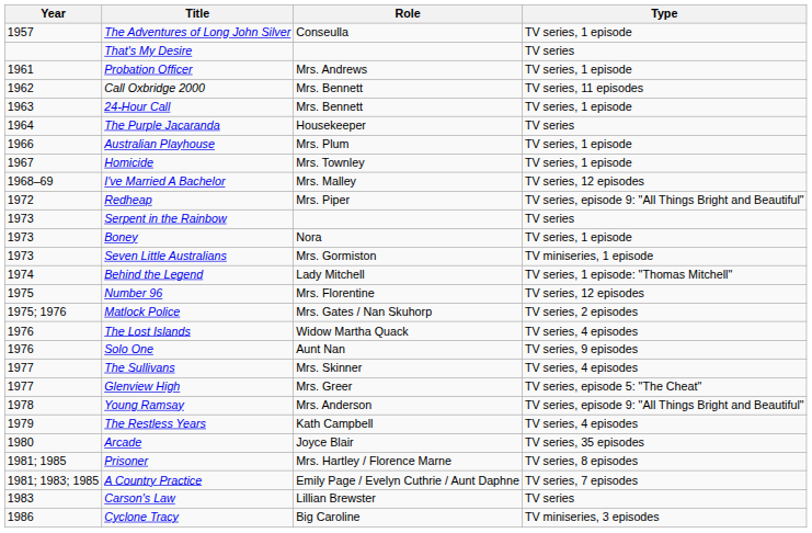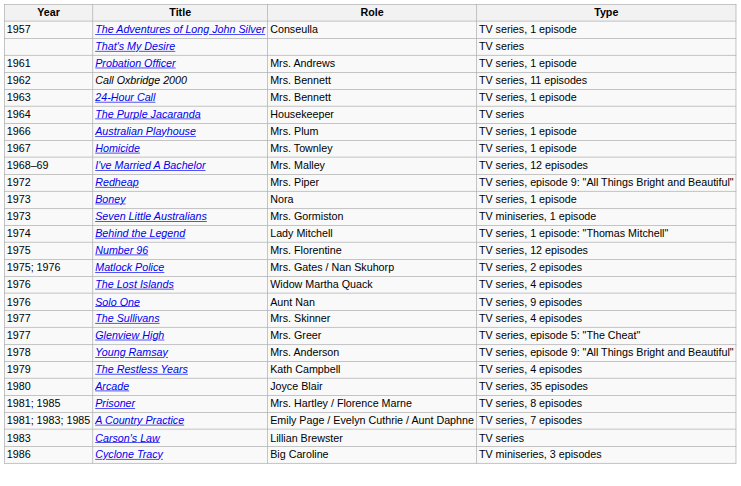 <table class="wikitable">
 <tr>
 <th>Year</th>
 <th>Title</th>
 <th>Role</th>
 <th>Type</th>
 </tr>
 <tr>
 <td>1957</td>
 <td><em><a href='#'>The Adventures of Long John Silver</a></em></td>
 <td>Conseulla</td>
 <td>TV series, 1 episode</td>
 </tr>
 <tr>
 <td></td>
 <td><em><a href='#'>That's My Desire</a></em></td>
 <td></td>
 <td>TV series</td>
 </tr>
 <tr>
 <td>1961</td>
 <td><em><a href='#'>Probation Officer</a></em></td>
 <td>Mrs. Andrews</td>
 <td>TV series, 1 episode</td>
 </tr>
 <tr>
 <td>1962</td>
 <td><em>Call Oxbridge 2000</em></td>
 <td>Mrs. Bennett</td>
 <td>TV series, 11 episodes</td>
 </tr>
 <tr>
 <td>1963</td>
 <td><em><a href='#'>24-Hour Call</a></em></td>
 <td>Mrs. Bennett</td>
 <td>TV series, 1 episode</td>
 </tr>
 <tr>
 <td>1964</td>
 <td><em><a href='#'>The Purple Jacaranda</a></em></td>
 <td>Housekeeper</td>
 <td>TV series</td>
 </tr>
 <tr>
 <td>1966</td>
 <td><em><a href='#'>Australian Playhouse</a></em></td>
 <td>Mrs. Plum</td>
 <td>TV series, 1 episode</td>
 </tr>
 <tr>
 <td>1967</td>
 <td><em><a href='#'>Homicide</a></em></td>
 <td>Mrs. Townley</td>
 <td>TV series, 1 episode</td>
 </tr>
 <tr>
 <td>1968–69</td>
 <td><em><a href='#'>I've Married A Bachelor</a></em></td>
 <td>Mrs. Malley</td>
 <td>TV series, 12 episodes</td>
 </tr>
 <tr>
 <td>1972</td>
 <td><em><a href='#'>Redheap</a></em></td>
 <td>Mrs. Piper</td>
 <td>TV series, episode 9: "All Things Bright and Beautiful"</td>
-</tr>
-<tr>
-<td>1973</td>
-<td><em><a href='#'>Serpent in the Rainbow</a></em></td>
-<td></td>
-<td>TV series</td>
 </tr>
 <tr>
 <td>1973</td>
 <td><em><a href='#'>Boney</a></em></td>
 <td>Nora</td>
 <td>TV series, 1 episode</td>
 </tr>
 <tr>
 <td>1973</td>
 <td><em><a href='#'>Seven Little Australians</a></em></td>
 <td>Mrs. Gormiston</td>
 <td>TV miniseries, 1 episode</td>
 </tr>
 <tr>
 <td>1974</td>
 <td><em><a href='#'>Behind the Legend</a></em></td>
 <td>Lady Mitchell</td>
 <td>TV series, 1 episode: "Thomas Mitchell"</td>
 </tr>
 <tr>
 <td>1975</td>
 <td><em><a href='#'>Number 96</a></em></td>
 <td>Mrs. Florentine</td>
 <td>TV series, 12 episodes</td>
 </tr>
 <tr>
 <td>1975; 1976</td>
 <td><em><a href='#'>Matlock Police</a></em></td>
 <td>Mrs. Gates / Nan Skuhorp</td>
 <td>TV series, 2 episodes</td>
 </tr>
 <tr>
 <td>1976</td>
 <td><em><a href='#'>The Lost Islands</a></em></td>
 <td>Widow Martha Quack</td>
 <td>TV series, 4 episodes</td>
 </tr>
 <tr>
 <td>1976</td>
 <td><em><a href='#'>Solo One</a></em></td>
 <td>Aunt Nan</td>
 <td>TV series, 9 episodes</td>
 </tr>
 <tr>
 <td>1977</td>
 <td><em><a href='#'>The Sullivans</a></em></td>
 <td>Mrs. Skinner</td>
 <td>TV series, 4 episodes</td>
 </tr>
 <tr>
 <td>1977</td>
 <td><em><a href='#'>Glenview High</a></em></td>
 <td>Mrs. Greer</td>
 <td>TV series, episode 5: "The Cheat"</td>
 </tr>
 <tr>
 <td>1978</td>
 <td><em><a href='#'>Young Ramsay</a></em></td>
 <td>Mrs. Anderson</td>
 <td>TV series, episode 9: "All Things Bright and Beautiful"</td>
 </tr>
 <tr>
 <td>1979</td>
 <td><em><a href='#'>The Restless Years</a></em></td>
 <td>Kath Campbell</td>
 <td>TV series, 4 episodes</td>
 </tr>
 <tr>
 <td>1980</td>
 <td><em><a href='#'>Arcade</a></em></td>
 <td>Joyce Blair</td>
 <td>TV series, 35 episodes</td>
 </tr>
 <tr>
 <td>1981; 1985</td>
 <td><em><a href='#'>Prisoner</a></em></td>
 <td>Mrs. Hartley / Florence Marne</td>
 <td>TV series, 8 episodes</td>
 </tr>
 <tr>
 <td>1981; 1983; 1985</td>
 <td><em><a href='#'>A Country Practice</a></em></td>
 <td>Emily Page / Evelyn Cuthrie / Aunt Daphne</td>
 <td>TV series, 7 episodes</td>
 </tr>
 <tr>
 <td>1983</td>
 <td><em><a href='#'>Carson's Law</a></em></td>
 <td>Lillian Brewster</td>
 <td>TV series</td>
 </tr>
 <tr>
 <td>1986</td>
 <td><em><a href='#'>Cyclone Tracy</a></em></td>
 <td>Big Caroline</td>
 <td>TV miniseries, 3 episodes</td>
 </tr>
 </table>
